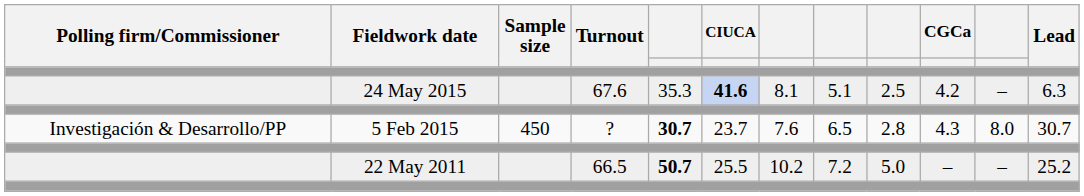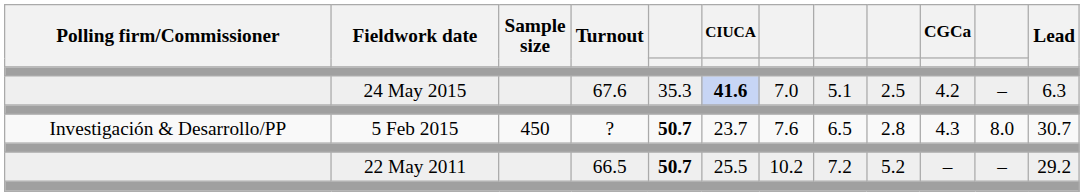 <table class="wikitable collapsible collapsed" style="text-align:center; font-size:95%; line-height:16px;">
 <tr style="height:42px;">
 <th style="width:250px;" rowspan="2">Polling firm/Commissioner</th>
 <th style="width:125px;" rowspan="2">Fieldwork date</th>
 <th style="width:50px;" rowspan="2">Sample size</th>
 <th style="width:45px;" rowspan="2">Turnout</th>
 <th style="width:35px;"></th>
 <th style="width:35px; font-size:80%;">CIUCA</th>
 <th style="width:35px;"></th>
 <th style="width:35px;"></th>
 <th style="width:35px;"></th>
 <th style="width:35px; font-size:90%;">CGCa</th>
 <th style="width:35px;"></th>
 <th style="width:30px;" rowspan="2">Lead</th>
 </tr>
 <tr>
 <th style="color:inherit;background:"></th>
 <th style="color:inherit;background:"></th>
 <th style="color:inherit;background:"></th>
 <th style="color:inherit;background:"></th>
 <th style="color:inherit;background:"></th>
 <th style="color:inherit;background:"></th>
 <th style="color:inherit;background:"></th>
 </tr>
 <tr>
 <td colspan="12" style="background:#A0A0A0"></td>
 </tr>
 <tr style="background:#EFEFEF;">
 <td><strong></strong></td>
 <td>24 May 2015</td>
 <td></td>
 <td>67.6</td>
 <td>35.3<br></td>
 <td style="background:#C7D5F5"><strong>41.6</strong><br></td>
-<td>8.1<br></td>
+<td>7.0<br></td>
 <td>5.1<br></td>
 <td>2.5<br></td>
 <td>4.2<br></td>
 <td>–</td>
 <td style="background:">6.3</td>
 </tr>
 <tr>
 <td colspan="12" style="background:#A0A0A0"></td>
 </tr>
 <tr>
 <td>Investigación & Desarrollo/PP</td>
 <td>5 Feb 2015</td>
 <td>450</td>
 <td>?</td>
-<td><strong>30.7</strong><br></td>
+<td><strong>50.7</strong><br></td>
 <td>23.7<br></td>
 <td>7.6<br></td>
 <td>6.5<br></td>
 <td>2.8<br></td>
 <td>4.3<br></td>
 <td>8.0<br></td>
 <td style="background:">30.7</td>
 </tr>
 <tr>
 <td colspan="12" style="background:#A0A0A0"></td>
 </tr>
 <tr style="background:#EFEFEF;">
 <td><strong></strong></td>
 <td>22 May 2011</td>
 <td></td>
 <td>66.5</td>
 <td><strong>50.7</strong><br></td>
 <td>25.5<br></td>
 <td>10.2<br></td>
 <td>7.2<br></td>
-<td>5.0<br></td>
+<td>5.2<br></td>
 <td>–</td>
 <td>–</td>
-<td style="background:">25.2</td>
+<td style="background:">29.2</td>
 </tr>
 <tr>
 <td colspan="12" style="background:#A0A0A0"></td>
 </tr>
 </table>
